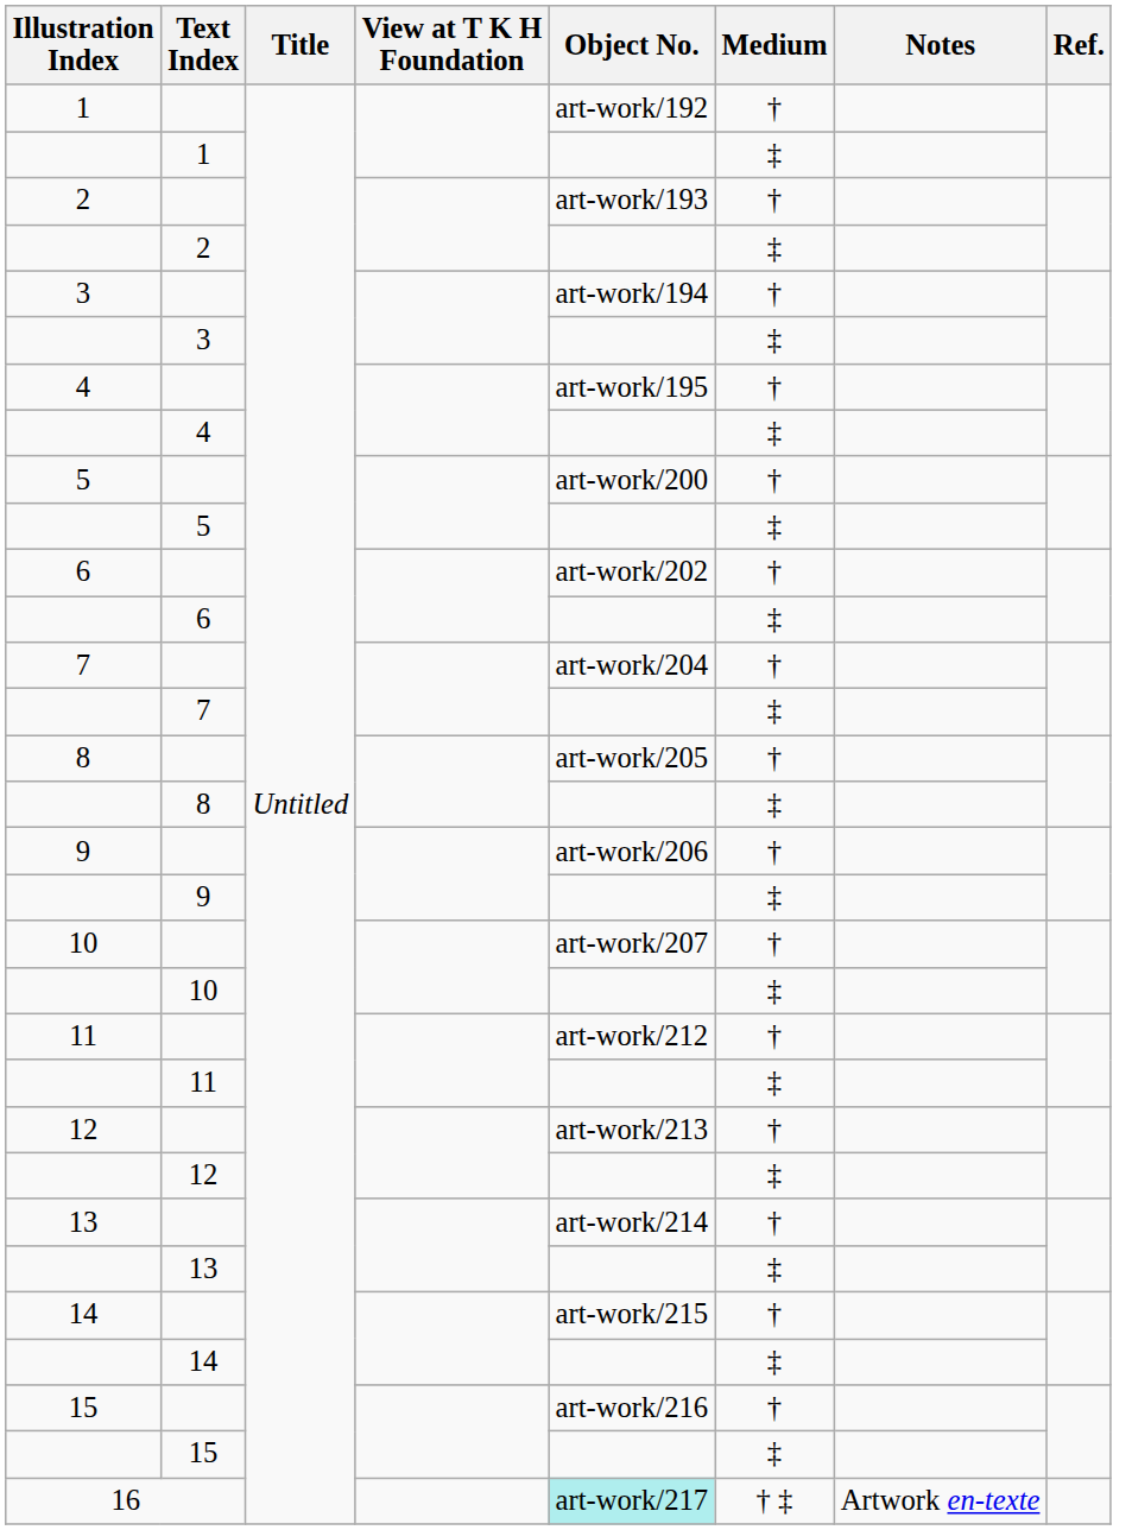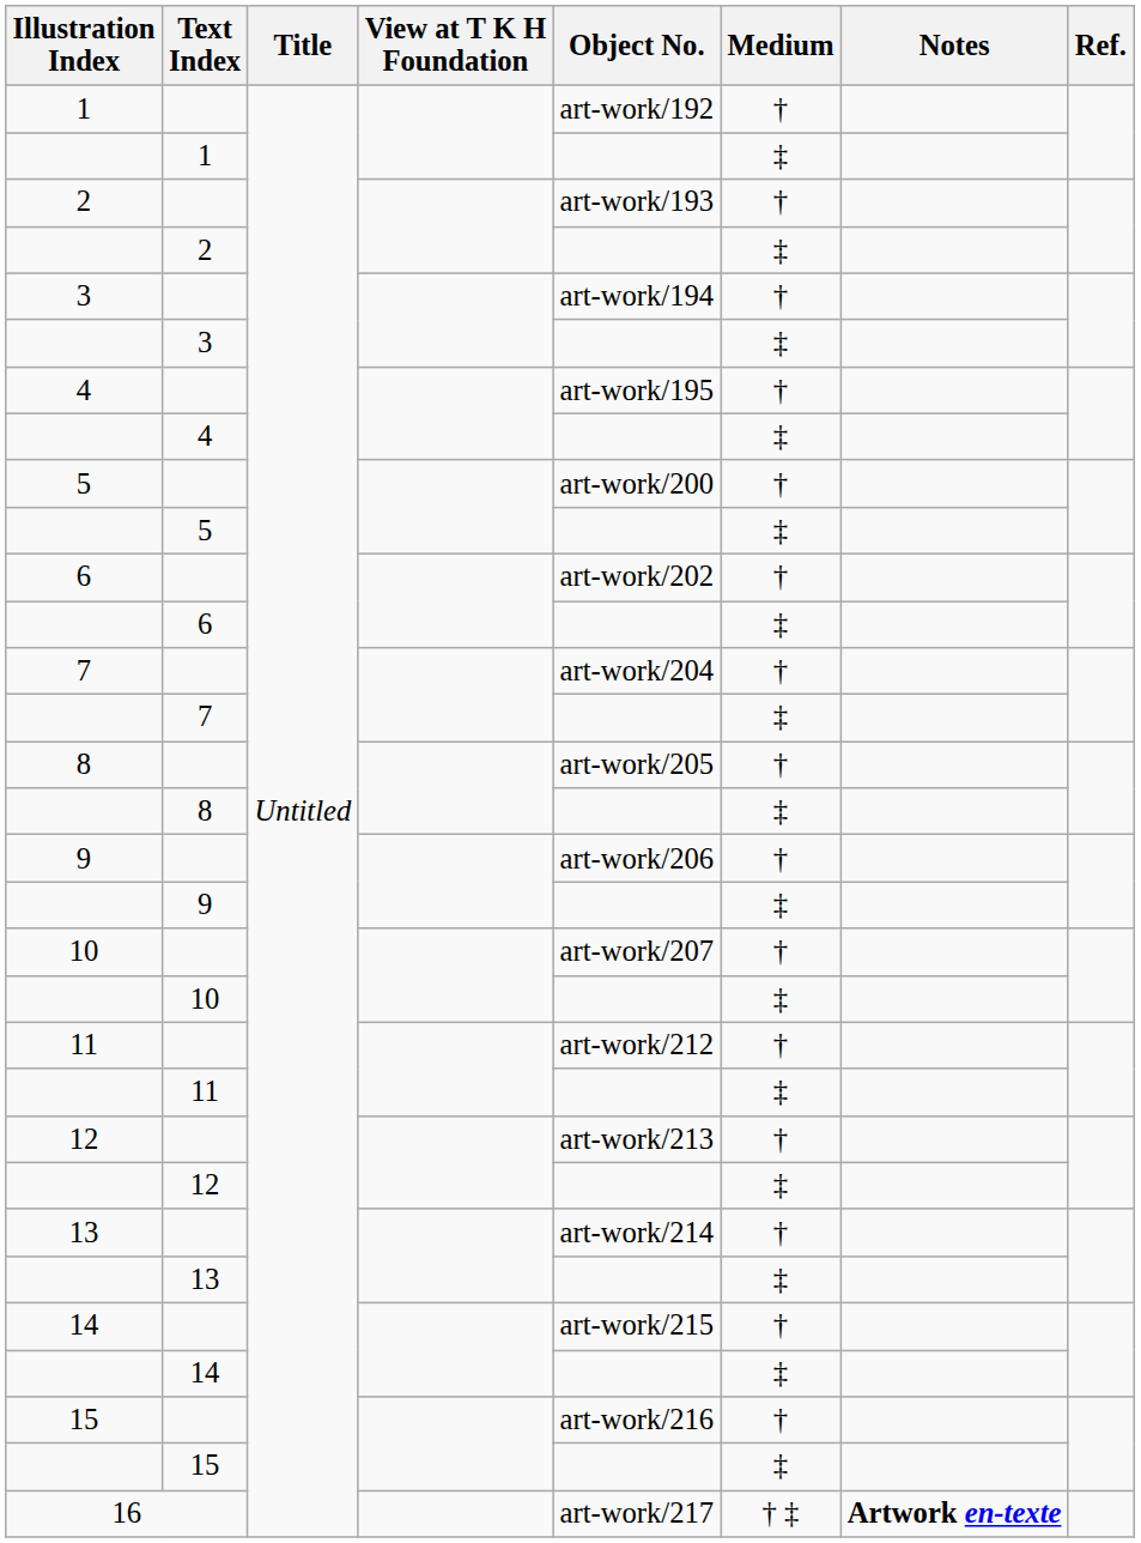 <table class="wikitable sortable mw-collapsible" style="text-align: center;">
 <tr>
 <th>Illustration<br>Index</th>
 <th>Text<br>Index</th>
 <th>Title</th>
 <th>View at T K H<br>Foundation</th>
 <th>Object No.</th>
 <th>Medium</th>
 <th>Notes</th>
 <th>Ref.</th>
 </tr>
 <tr>
 <td>1</td>
 <td></td>
 <td rowspan="31"><em>Untitled</em></td>
 <td rowspan="2"></td>
 <td>art-work/192</td>
 <td>†</td>
 <td></td>
 <td rowspan="2"></td>
 </tr>
 <tr>
 <td></td>
 <td>1</td>
 <td></td>
 <td>‡</td>
 <td></td>
 </tr>
 <tr>
 <td>2</td>
 <td></td>
 <td rowspan="2"></td>
 <td>art-work/193</td>
 <td>†</td>
 <td></td>
 <td rowspan="2"></td>
 </tr>
 <tr>
 <td></td>
 <td>2</td>
 <td></td>
 <td>‡</td>
 <td></td>
 </tr>
 <tr>
 <td>3</td>
 <td></td>
 <td rowspan="2"></td>
 <td>art-work/194</td>
 <td>†</td>
 <td></td>
 <td rowspan="2"></td>
 </tr>
 <tr>
 <td></td>
 <td>3</td>
 <td></td>
 <td>‡</td>
 <td></td>
 </tr>
 <tr>
 <td>4</td>
 <td></td>
 <td rowspan="2"></td>
 <td>art-work/195</td>
 <td>†</td>
 <td></td>
 <td rowspan="2"></td>
 </tr>
 <tr>
 <td></td>
 <td>4</td>
 <td></td>
 <td>‡</td>
 <td></td>
 </tr>
 <tr>
 <td>5</td>
 <td></td>
 <td rowspan="2"></td>
 <td>art-work/200</td>
 <td>†</td>
 <td></td>
 <td rowspan="2"></td>
 </tr>
 <tr>
 <td></td>
 <td>5</td>
 <td></td>
 <td>‡</td>
 <td></td>
 </tr>
 <tr>
 <td>6</td>
 <td></td>
 <td rowspan="2"></td>
 <td>art-work/202</td>
 <td>†</td>
 <td></td>
 <td rowspan="2"></td>
 </tr>
 <tr>
 <td></td>
 <td>6</td>
 <td></td>
 <td>‡</td>
 <td></td>
 </tr>
 <tr>
 <td>7</td>
 <td></td>
 <td rowspan="2"></td>
 <td>art-work/204</td>
 <td>†</td>
 <td></td>
 <td rowspan="2"></td>
 </tr>
 <tr>
 <td></td>
 <td>7</td>
 <td></td>
 <td>‡</td>
 <td></td>
 </tr>
 <tr>
 <td>8</td>
 <td></td>
 <td rowspan="2"></td>
 <td>art-work/205</td>
 <td>†</td>
 <td></td>
 <td rowspan="2"></td>
 </tr>
 <tr>
 <td></td>
 <td>8</td>
 <td></td>
 <td>‡</td>
 <td></td>
 </tr>
 <tr>
 <td>9</td>
 <td></td>
 <td rowspan="2"></td>
 <td>art-work/206</td>
 <td>†</td>
 <td></td>
 <td rowspan="2"></td>
 </tr>
 <tr>
 <td></td>
 <td>9</td>
 <td></td>
 <td>‡</td>
 <td></td>
 </tr>
 <tr>
 <td>10</td>
 <td></td>
 <td rowspan="2"></td>
 <td>art-work/207</td>
 <td>†</td>
 <td></td>
 <td rowspan="2"></td>
 </tr>
 <tr>
 <td></td>
 <td>10</td>
 <td></td>
 <td>‡</td>
 <td></td>
 </tr>
 <tr>
 <td>11</td>
 <td></td>
 <td rowspan="2"></td>
 <td>art-work/212</td>
 <td>†</td>
 <td></td>
 <td rowspan="2"></td>
 </tr>
 <tr>
 <td></td>
 <td>11</td>
 <td></td>
 <td>‡</td>
 <td></td>
 </tr>
 <tr>
 <td>12</td>
 <td></td>
 <td rowspan="2"></td>
 <td>art-work/213</td>
 <td>†</td>
 <td></td>
 <td rowspan="2"></td>
 </tr>
 <tr>
 <td></td>
 <td>12</td>
 <td></td>
 <td>‡</td>
 <td></td>
 </tr>
 <tr>
 <td>13</td>
 <td></td>
 <td rowspan="2"></td>
 <td>art-work/214</td>
 <td>†</td>
 <td></td>
 <td rowspan="2"></td>
 </tr>
 <tr>
 <td></td>
 <td>13</td>
 <td></td>
 <td>‡</td>
 <td></td>
 </tr>
 <tr>
 <td>14</td>
 <td></td>
 <td rowspan="2"></td>
 <td>art-work/215</td>
 <td>†</td>
 <td></td>
 <td rowspan="2"></td>
 </tr>
 <tr>
 <td></td>
 <td>14</td>
 <td></td>
 <td>‡</td>
 <td></td>
 </tr>
 <tr>
 <td>15</td>
 <td></td>
 <td rowspan="2"></td>
 <td>art-work/216</td>
 <td>†</td>
 <td></td>
 <td rowspan="2"></td>
 </tr>
 <tr>
 <td></td>
 <td>15</td>
 <td></td>
 <td>‡</td>
 <td></td>
 </tr>
 <tr>
 <td colspan="2">16</td>
 <td></td>
-<td style="background: paleturquoise;">art-work/217</td>
+<td>art-work/217</td>
 <td>† ‡</td>
-<td>Artwork <em><a href='#'>en-texte</a></em></td>
+<td><strong>Artwork <em><a href='#'>en-texte</a></em></strong></td>
 <td></td>
 </tr>
 </table>
